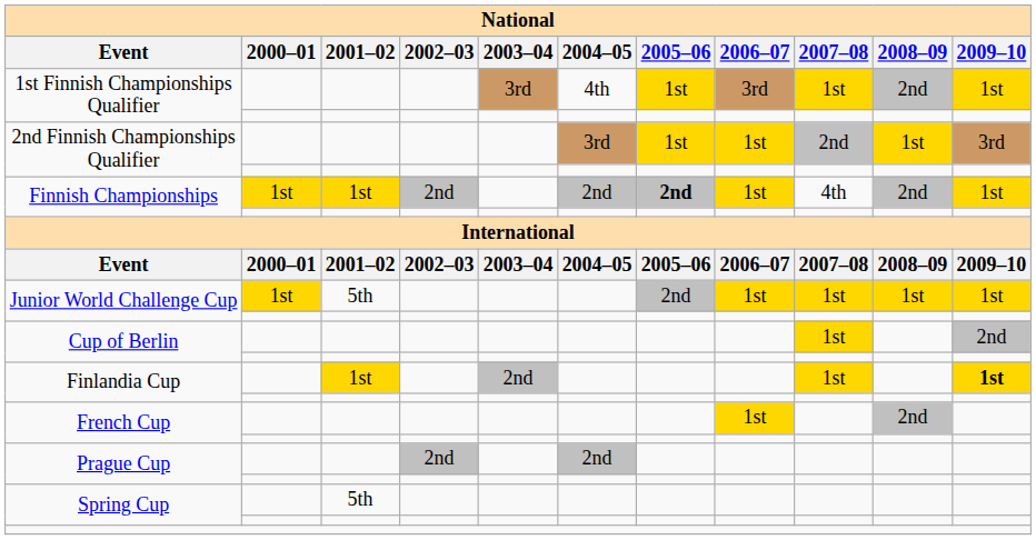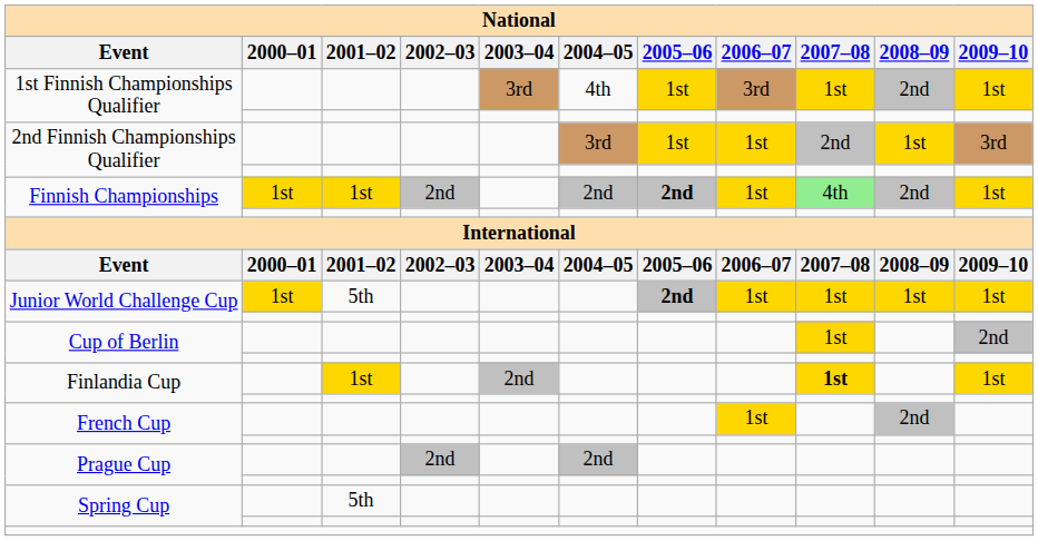 <table class="wikitable">
 <tr>
 <th style="background-color: #ffdead; " colspan="11" align="center"><strong>National</strong></th>
 </tr>
 <tr>
 <th>Event</th>
 <th>2000–01</th>
 <th>2001–02</th>
 <th>2002–03</th>
 <th>2003–04</th>
 <th>2004–05</th>
 <th><a href='#'>2005–06</a></th>
 <th><a href='#'>2006–07</a></th>
 <th><a href='#'>2007–08</a></th>
 <th><a href='#'>2008–09</a></th>
 <th><a href='#'>2009–10</a></th>
 </tr>
 <tr>
 <td align="center" rowspan="2">1st Finnish Championships<br>Qualifier</td>
 <td 2000-01 align="center"></td>
 <td 2001-02 align="center"></td>
 <td 2002-03 align="center"></td>
 <td 2003-04 align="center" bgcolor="cc9966">3rd</td>
 <td 2004-05 align="center">4th</td>
 <td 2005-06 align="center" bgcolor="gold">1st</td>
 <td 2006-07 align="center" bgcolor="cc9966">3rd</td>
 <td 2007-08 align="center" bgcolor="gold">1st</td>
 <td 2008-09 align="center" bgcolor="silver">2nd</td>
 <td 2009-10 align="center" bgcolor="gold">1st</td>
 </tr>
 <tr>
 <td 2000-01 align="center"></td>
 <td 2001-02 align="center"></td>
 <td 2002-03 align="center"></td>
 <td 2003-04 align="center"></td>
 <td 2004-05 align="center"></td>
 <td 2005-06 align="center"></td>
 <td 2006-07 align="center"></td>
 <td 2007-08 align="center"></td>
 <td 2008-09 align="center"></td>
 <td 2009-10 align="center"></td>
 </tr>
 <tr>
 <td align="center" rowspan="2">2nd Finnish Championships<br>Qualifier</td>
 <td 2000-01 align="center"></td>
 <td 2001-02 align="center"></td>
 <td 2002-03 align="center"></td>
 <td 2003-04 align="center"></td>
 <td 2004-05 align="center" bgcolor="cc9966">3rd</td>
 <td 2005-06 align="center" bgcolor="gold">1st</td>
 <td 2006-07 align="center" bgcolor="gold">1st</td>
 <td 2007-08 align="center" bgcolor="silver">2nd</td>
 <td 2008-09 align="center" bgcolor="gold">1st</td>
 <td 2009-10 align="center" bgcolor="cc9966">3rd</td>
 </tr>
 <tr>
 <td 2000-01 align="center"></td>
 <td 2001-02 align="center"></td>
 <td 2002-03 align="center"></td>
 <td 2003-04 align="center"></td>
 <td 2004-05 align="center"></td>
 <td 2005-06 align="center"></td>
 <td 2006-07 align="center"></td>
 <td 2007-08 align="center"></td>
 <td 2008-09 align="center"></td>
 <td 2009-10 align="center"></td>
 </tr>
 <tr>
 <td align="center" rowspan="2"><a href='#'>Finnish Championships</a></td>
 <td 2000-01 align="center" bgcolor="gold">1st</td>
 <td 2001-02 align="center" bgcolor="gold">1st</td>
 <td 2002-03 align="center" bgcolor="silver">2nd</td>
 <td 2003-04 align="center"></td>
 <td 2004-05 align="center" bgcolor="silver">2nd</td>
 <td 2005-06 align="center" bgcolor="silver"><strong>2nd</strong></td>
 <td 2006-07 align="center" bgcolor="gold">1st</td>
-<td 2007-08 align="center">4th</td>
+<td 2007-08 align="center" style="background: lightgreen;">4th</td>
 <td 2008-09 align="center" bgcolor="silver">2nd</td>
 <td 2009-10 align="center" bgcolor="gold">1st</td>
 </tr>
 <tr>
 <td 2000-01 align="center"></td>
 <td 2001-02 align="center"></td>
 <td 2002-03 align="center"></td>
 <td 2003-04 align="center"></td>
 <td 2004-05 align="center"></td>
 <td 2005-06 align="center"></td>
 <td 2006-07 align="center"></td>
 <td 2007-08 align="center"></td>
 <td 2008-09 align="center"></td>
 <td 2009-10 align="center"></td>
 </tr>
 <tr>
 <th style="background-color: #ffdead; " colspan="11" align=center><strong>International</strong></th>
 </tr>
 <tr>
 <th>Event</th>
 <th>2000–01</th>
 <th>2001–02</th>
 <th>2002–03</th>
 <th>2003–04</th>
 <th>2004–05</th>
 <th>2005–06</th>
 <th>2006–07</th>
 <th>2007–08</th>
 <th>2008–09</th>
 <th>2009–10</th>
 </tr>
 <tr>
 <td align="center" rowspan="2"><a href='#'>Junior World Challenge Cup</a></td>
 <td 2000-01 align="center" bgcolor="gold">1st</td>
 <td 2001-02 align="center">5th</td>
 <td 2002-03 align="center"></td>
 <td 2003-04 align="center"></td>
 <td 2004-05 align="center"></td>
-<td 2005-06 align="center" bgcolor="silver">2nd</td>
+<td 2005-06 align="center" bgcolor="silver"><strong>2nd</strong></td>
 <td 2006-07 align="center" bgcolor="gold">1st</td>
 <td 2007-08 align="center" bgcolor="gold">1st</td>
 <td 2008-09 align="center" bgcolor="gold">1st</td>
 <td 2009-10 align="center" bgcolor="gold">1st</td>
 </tr>
 <tr>
 <td 2000-01 align="center"></td>
 <td 2001-02 align="center"></td>
 <td 2002-03 align="center"></td>
 <td 2003-04 align="center"></td>
 <td 2004-05 align="center"></td>
 <td 2005-06 align="center"></td>
 <td 2006-07 align="center"></td>
 <td 2007-08 align="center"></td>
 <td 2008-09 align="center"></td>
 <td 2009-10 align="center"></td>
 </tr>
 <tr>
 <td align="center" rowspan="2"><a href='#'>Cup of Berlin</a></td>
 <td 2000-01 align="center"></td>
 <td 2001-02 align="center"></td>
 <td 2002-03 align="center"></td>
 <td 2003-04 align="center"></td>
 <td 2004-05 align="center"></td>
 <td 2005-06 align="center"></td>
 <td 2006-07 align="center"></td>
 <td 2007-08 align="center" bgcolor="gold">1st</td>
 <td 2008-09 align="center"></td>
 <td 2009-10 align="center" bgcolor="silver">2nd</td>
 </tr>
 <tr>
 <td 2000-01 align="center"></td>
 <td 2001-02 align="center"></td>
 <td 2002-03 align="center"></td>
 <td 2003-04 align="center"></td>
 <td 2004-05 align="center"></td>
 <td 2005-06 align="center"></td>
 <td 2006-07 align="center"></td>
 <td 2007-08 align="center"></td>
 <td 2008-09 align="center"></td>
 <td 2009-10 align="center"></td>
 </tr>
 <tr>
 <td align="center" rowspan="2">Finlandia Cup</td>
 <td 2000-01 align="center"></td>
 <td 2001-02 align="center" bgcolor="gold">1st</td>
 <td 2002-03 align="center"></td>
 <td 2003-04 align="center" bgcolor="silver">2nd</td>
 <td 2004-05 align="center"></td>
 <td 2005-06 align="center"></td>
 <td 2006-07 align="center"></td>
-<td 2007-08 align="center" bgcolor="gold">1st</td>
+<td 2007-08 align="center" bgcolor="gold"><strong>1st</strong></td>
 <td 2008-09 align="center"></td>
-<td 2009-10 align="center" bgcolor="gold"><strong>1st</strong></td>
+<td 2009-10 align="center" bgcolor="gold">1st</td>
 </tr>
 <tr>
 <td 2000-01 align="center"></td>
 <td 2001-02 align="center"></td>
 <td 2002-03 align="center"></td>
 <td 2003-04 align="center"></td>
 <td 2004-05 align="center"></td>
 <td 2005-06 align="center"></td>
 <td 2006-07 align="center"></td>
 <td 2007-08 align="center"></td>
 <td 2008-09 align="center"></td>
 <td 2009-10 align="center"></td>
 </tr>
 <tr>
 <td align="center" rowspan="2"><a href='#'>French Cup</a></td>
 <td 2000-01 align="center"></td>
 <td 2001-02 align="center"></td>
 <td 2002-03 align="center"></td>
 <td 2003-04 align="center"></td>
 <td 2004-05 align="center"></td>
 <td 2005-06 align="center"></td>
 <td 2006-07 align="center" bgcolor="gold">1st</td>
 <td 2007-08 align="center"></td>
 <td 2008-09 align="center" bgcolor="silver">2nd</td>
 <td 2009-10 align="center"></td>
 </tr>
 <tr>
 <td 2000-01 align="center"></td>
 <td 2001-02 align="center"></td>
 <td 2002-03 align="center"></td>
 <td 2003-04 align="center"></td>
 <td 2004-05 align="center"></td>
 <td 2005-06 align="center"></td>
 <td 2006-07 align="center"></td>
 <td 2007-08 align="center"></td>
 <td 2008-09 align="center"></td>
 <td 2009-10 align="center"></td>
 </tr>
 <tr>
 <td align="center" rowspan="2"><a href='#'>Prague Cup</a></td>
 <td 2000-01 align="center"></td>
 <td 2001-02 align="center"></td>
 <td 2002-03 align="center" bgcolor="silver">2nd</td>
 <td 2003-04 align="center"></td>
 <td 2004-05 align="center" bgcolor="silver">2nd</td>
 <td 2005-06 align="center"></td>
 <td 2006-07 align="center"></td>
 <td 2007-08 align="center"></td>
 <td 2008-09 align="center"></td>
 <td 2009-10 align="center"></td>
 </tr>
 <tr>
 <td 2000-01 align="center"></td>
 <td 2001-02 align="center"></td>
 <td 2002-03 align="center"></td>
 <td 2003-04 align="center"></td>
 <td 2004-05 align="center"></td>
 <td 2005-06 align="center"></td>
 <td 2006-07 align="center"></td>
 <td 2007-08 align="center"></td>
 <td 2008-09 align="center"></td>
 <td 2009-10 align="center"></td>
 </tr>
 <tr>
 <td align="center" rowspan="2"><a href='#'>Spring Cup</a></td>
 <td 2000-01 align="center"></td>
 <td 2001-02 align="center">5th</td>
 <td 2002-03 align="center"></td>
 <td 2003-04 align="center"></td>
 <td 2004-05 align="center"></td>
 <td 2005-06 align="center"></td>
 <td 2006-07 align="center"></td>
 <td 2007-08 align="center"></td>
 <td 2008-09 align="center"></td>
 <td 2009-10 align="center"></td>
 </tr>
 <tr>
 <td 2000-01 align="center"></td>
 <td 2001-02 align="center"></td>
 <td 2002-03 align="center"></td>
 <td 2003-04 align="center"></td>
 <td 2004-05 align="center"></td>
 <td 2005-06 align="center"></td>
 <td 2006-07 align="center"></td>
 <td 2007-08 align="center"></td>
 <td 2008-09 align="center"></td>
 <td 2009-10 align="center"></td>
 </tr>
 <tr>
 <td colspan="11" align="center"></td>
 </tr>
 <tr>
 </tr>
 </table>
